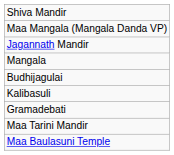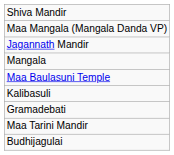 <table class="wikitable">
 <tr>
 <td>Shiva Mandir</td>
 </tr>
 <tr>
 <td>Maa Mangala (Mangala Danda VP)</td>
 </tr>
 <tr>
 <td><a href='#'>Jagannath</a> Mandir</td>
 </tr>
 <tr>
 <td>Mangala</td>
 </tr>
 <tr>
-<td>Budhijagulai</td>
+<td><a href='#'>Maa Baulasuni Temple</a></td>
 </tr>
 <tr>
 <td>Kalibasuli</td>
 </tr>
 <tr>
 <td>Gramadebati</td>
 </tr>
 <tr>
 <td>Maa Tarini Mandir</td>
 </tr>
 <tr>
-<td><a href='#'>Maa Baulasuni Temple</a></td>
+<td>Budhijagulai</td>
 </tr>
 </table>
